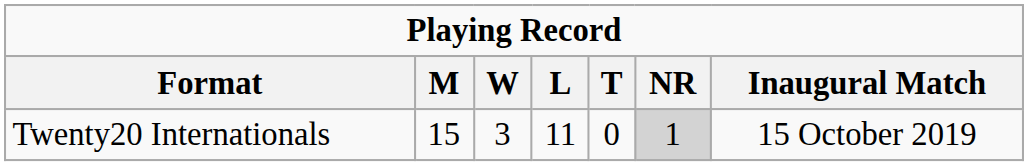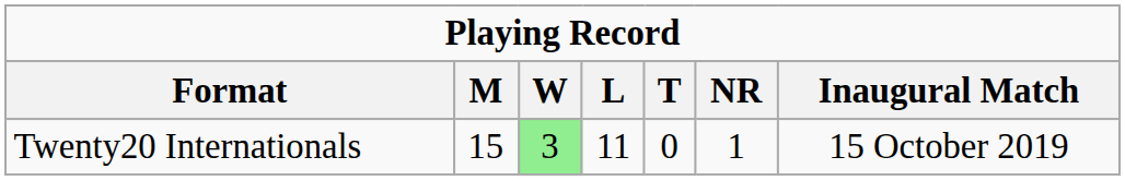 <table class="wikitable" style="text-align: center; width: 500px;">
 <tr>
 <td colspan=7 align="center"><strong>Playing Record</strong></td>
 </tr>
 <tr>
 <th>Format</th>
 <th>M</th>
 <th>W</th>
 <th>L</th>
 <th>T</th>
 <th>NR</th>
 <th>Inaugural Match</th>
 </tr>
 <tr>
 <td align="left">Twenty20 Internationals</td>
 <td>15</td>
-<td>3</td>
+<td style="background: lightgreen;">3</td>
 <td>11</td>
 <td>0</td>
-<td style="background: lightgrey;">1</td>
+<td>1</td>
 <td>15 October 2019</td>
 </tr>
 </table>
